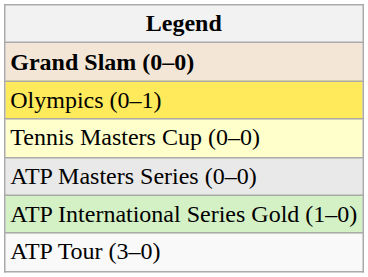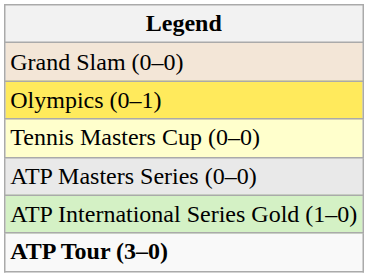 <table class="wikitable sortable mw-collapsible mw-collapsed">
 <tr>
 <th>Legend</th>
 </tr>
 <tr style="background:#f3e6d7;">
-<td><strong>Grand Slam (0–0)</strong></td>
+<td>Grand Slam (0–0)</td>
 </tr>
 <tr style="background:#ffea5c;">
 <td>Olympics (0–1)</td>
 </tr>
 <tr style="background:#ffffcc;">
 <td>Tennis Masters Cup (0–0)</td>
 </tr>
 <tr style="background:#e9e9e9;">
 <td>ATP Masters Series (0–0)</td>
 </tr>
 <tr style="background:#d4f1c5;">
 <td>ATP International Series Gold (1–0)</td>
 </tr>
 <tr>
-<td>ATP Tour (3–0)</td>
+<td><strong>ATP Tour (3–0)</strong></td>
 </tr>
 </table>
